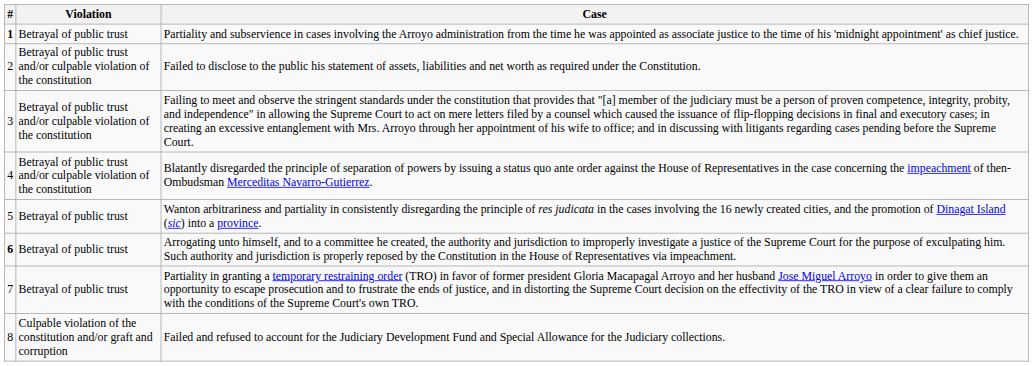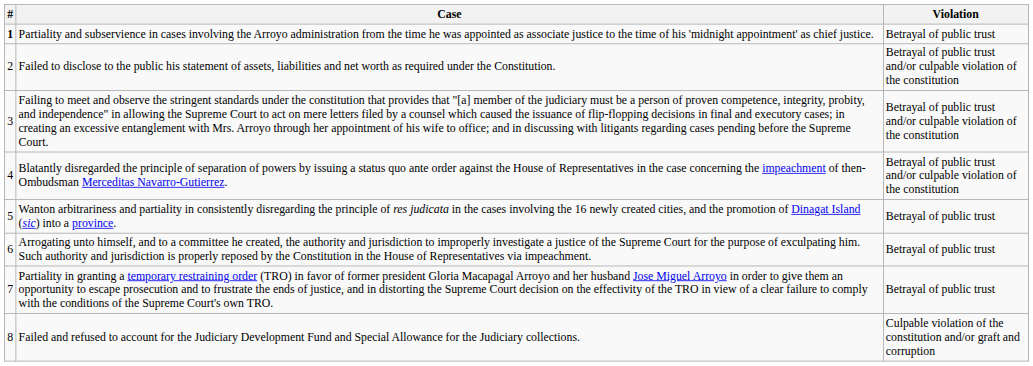 <table class=wikitable style="font-size:90%">
 <tr>
 <th>#</th>
+<th>Case</th>
 <th>Violation</th>
-<th>Case</th>
 </tr>
 <tr>
 <td><strong>1</strong></td>
+<td>Partiality and subservience in cases involving the Arroyo administration from the time he was appointed as associate justice to the time of his 'midnight appointment' as chief justice.</td>
 <td>Betrayal of public trust</td>
-<td>Partiality and subservience in cases involving the Arroyo administration from the time he was appointed as associate justice to the time of his 'midnight appointment' as chief justice.</td>
 </tr>
 <tr>
 <td>2</td>
+<td>Failed to disclose to the public his statement of assets, liabilities and net worth as required under the Constitution.</td>
 <td>Betrayal of public trust and/or culpable violation of the constitution</td>
-<td>Failed to disclose to the public his statement of assets, liabilities and net worth as required under the Constitution.</td>
 </tr>
 <tr>
 <td>3</td>
+<td>Failing to meet and observe the stringent standards under the constitution that provides that "[a] member of the judiciary must be a person of proven competence, integrity, probity, and independence" in allowing the Supreme Court to act on mere letters filed by a counsel which caused the issuance of flip-flopping decisions in final and executory cases; in creating an excessive entanglement with Mrs. Arroyo through her appointment of his wife to office; and in discussing with litigants regarding cases pending before the Supreme Court.</td>
 <td>Betrayal of public trust and/or culpable violation of the constitution</td>
-<td>Failing to meet and observe the stringent standards under the constitution that provides that "[a] member of the judiciary must be a person of proven competence, integrity, probity, and independence" in allowing the Supreme Court to act on mere letters filed by a counsel which caused the issuance of flip-flopping decisions in final and executory cases; in creating an excessive entanglement with Mrs. Arroyo through her appointment of his wife to office; and in discussing with litigants regarding cases pending before the Supreme Court.</td>
 </tr>
 <tr>
 <td>4</td>
+<td>Blatantly disregarded the principle of separation of powers by issuing a status quo ante order against the House of Representatives in the case concerning the <a href='#'>impeachment</a> of then-Ombudsman <a href='#'>Merceditas Navarro-Gutierrez</a>.</td>
 <td>Betrayal of public trust and/or culpable violation of the constitution</td>
-<td>Blatantly disregarded the principle of separation of powers by issuing a status quo ante order against the House of Representatives in the case concerning the <a href='#'>impeachment</a> of then-Ombudsman <a href='#'>Merceditas Navarro-Gutierrez</a>.</td>
 </tr>
 <tr>
 <td>5</td>
+<td>Wanton arbitrariness and partiality in consistently disregarding the principle of <em>res judicata</em> in the cases involving the 16 newly created cities, and the promotion of <a href='#'>Dinagat Island</a> (<em><a href='#'>sic</a></em>) into a <a href='#'>province</a>.</td>
 <td>Betrayal of public trust</td>
-<td>Wanton arbitrariness and partiality in consistently disregarding the principle of <em>res judicata</em> in the cases involving the 16 newly created cities, and the promotion of <a href='#'>Dinagat Island</a> (<em><a href='#'>sic</a></em>) into a <a href='#'>province</a>.</td>
 </tr>
 <tr>
-<td><strong>6</strong></td>
+<td>6</td>
+<td>Arrogating unto himself, and to a committee he created, the authority and jurisdiction to improperly investigate a justice of the Supreme Court for the purpose of exculpating him. Such authority and jurisdiction is properly reposed by the Constitution in the House of Representatives via impeachment.</td>
 <td>Betrayal of public trust</td>
-<td>Arrogating unto himself, and to a committee he created, the authority and jurisdiction to improperly investigate a justice of the Supreme Court for the purpose of exculpating him. Such authority and jurisdiction is properly reposed by the Constitution in the House of Representatives via impeachment.</td>
 </tr>
 <tr>
 <td>7</td>
+<td>Partiality in granting a <a href='#'>temporary restraining order</a> (TRO) in favor of former president Gloria Macapagal Arroyo and her husband <a href='#'>Jose Miguel Arroyo</a> in order to give them an opportunity to escape prosecution and to frustrate the ends of justice, and in distorting the Supreme Court decision on the effectivity of the TRO in view of a clear failure to comply with the conditions of the Supreme Court's own TRO.</td>
 <td>Betrayal of public trust</td>
-<td>Partiality in granting a <a href='#'>temporary restraining order</a> (TRO) in favor of former president Gloria Macapagal Arroyo and her husband <a href='#'>Jose Miguel Arroyo</a> in order to give them an opportunity to escape prosecution and to frustrate the ends of justice, and in distorting the Supreme Court decision on the effectivity of the TRO in view of a clear failure to comply with the conditions of the Supreme Court's own TRO.</td>
 </tr>
 <tr>
 <td>8</td>
+<td>Failed and refused to account for the Judiciary Development Fund and Special Allowance for the Judiciary collections.</td>
 <td>Culpable violation of the constitution and/or graft and corruption</td>
-<td>Failed and refused to account for the Judiciary Development Fund and Special Allowance for the Judiciary collections.</td>
 </tr>
 </table>
